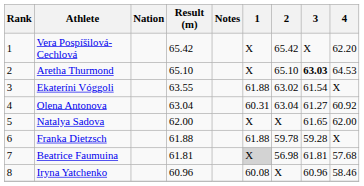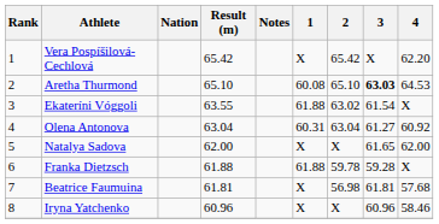 <table class="wikitable" style="text=align:center;" width=85%>
 <tr>
 <th>Rank</th>
 <th>Athlete</th>
 <th>Nation</th>
 <th>Result (m)</th>
 <th>Notes</th>
 <th>1</th>
 <th>2</th>
 <th>3</th>
 <th>4</th>
 </tr>
 <tr>
 <td>1</td>
 <td><a href='#'>Vera Pospíšilová-Cechlová</a></td>
 <td></td>
 <td>65.42</td>
 <td></td>
 <td>X</td>
 <td>65.42</td>
 <td>X</td>
 <td>62.20</td>
 </tr>
 <tr>
 <td>2</td>
 <td><a href='#'>Aretha Thurmond</a></td>
 <td></td>
 <td>65.10</td>
 <td></td>
-<td>X</td>
+<td>60.08</td>
 <td>65.10</td>
 <td><strong>63.03</strong></td>
 <td>64.53</td>
 </tr>
 <tr>
 <td>3</td>
 <td><a href='#'>Ekateríni Vóggoli</a></td>
 <td></td>
 <td>63.55</td>
 <td></td>
 <td>61.88</td>
 <td>63.02</td>
 <td>61.54</td>
 <td>X</td>
 </tr>
 <tr>
 <td>4</td>
 <td><a href='#'>Olena Antonova</a></td>
 <td></td>
 <td>63.04</td>
 <td></td>
 <td>60.31</td>
 <td>63.04</td>
 <td>61.27</td>
 <td>60.92</td>
 </tr>
 <tr>
 <td>5</td>
 <td><a href='#'>Natalya Sadova</a></td>
 <td></td>
 <td>62.00</td>
 <td></td>
 <td>X</td>
 <td>X</td>
 <td>61.65</td>
 <td>62.00</td>
 </tr>
 <tr>
 <td>6</td>
 <td><a href='#'>Franka Dietzsch</a></td>
 <td></td>
 <td>61.88</td>
 <td></td>
 <td>61.88</td>
 <td>59.78</td>
 <td>59.28</td>
 <td>X</td>
 </tr>
 <tr>
 <td>7</td>
 <td><a href='#'>Beatrice Faumuina</a></td>
 <td></td>
 <td>61.81</td>
 <td></td>
-<td style="background: lightgrey;">X</td>
+<td>X</td>
 <td>56.98</td>
 <td>61.81</td>
 <td>57.68</td>
 </tr>
 <tr>
 <td>8</td>
 <td><a href='#'>Iryna Yatchenko</a></td>
 <td></td>
 <td>60.96</td>
 <td></td>
-<td>60.08</td>
+<td>X</td>
 <td>X</td>
 <td>60.96</td>
 <td>58.46</td>
 </tr>
 <tr>
 </tr>
 </table>
